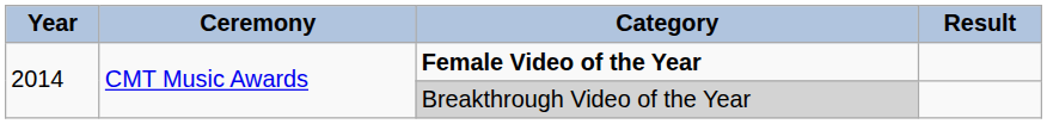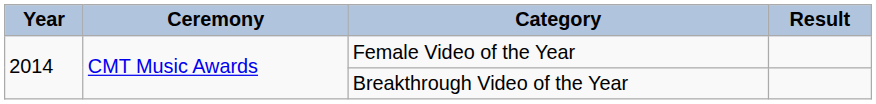 <table class="wikitable" width="700px">
 <tr>
 <th style="background:#B0C4DE;">Year</th>
 <th style="background:#B0C4DE;">Ceremony</th>
 <th style="background:#B0C4DE;">Category</th>
 <th style="background:#B0C4DE;">Result</th>
 </tr>
 <tr>
 <td rowspan="2">2014</td>
 <td rowspan="2"><a href='#'>CMT Music Awards</a></td>
-<td><strong>Female Video of the Year</strong></td>
+<td>Female Video of the Year</td>
 <td></td>
 </tr>
 <tr>
-<td style="background: lightgrey;">Breakthrough Video of the Year</td>
+<td>Breakthrough Video of the Year</td>
 <td></td>
 </tr>
 </table>
